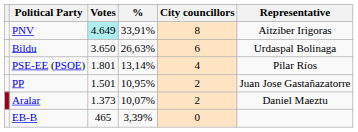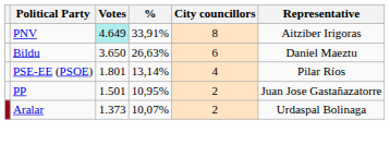 <table class="wikitable">
 <tr ---->
 <th></th>
 <th>Political Party</th>
 <th>Votes</th>
 <th>%</th>
 <th>City councillors</th>
 <th>Representative</th>
 </tr>
 <tr ---->
 <td></td>
 <td><a href='#'>PNV</a></td>
 <td align="center" style="background: paleturquoise;">4.649</td>
 <td align="center">33,91%</td>
 <td align="center" bgcolor="#FFE4C4">8</td>
 <td align="center">Aitziber Irigoras</td>
 </tr>
 <tr ---->
 <td></td>
 <td><a href='#'>Bildu</a></td>
 <td align="center">3.650</td>
 <td align="center">26,63%</td>
 <td align="center" bgcolor="#FFE4C4">6</td>
-<td align="center">Urdaspal Bolinaga</td>
+<td align="center">Daniel Maeztu</td>
 </tr>
 <tr ---->
 <td></td>
 <td><a href='#'>PSE-EE</a> (<a href='#'>PSOE</a>)</td>
 <td align="center">1.801</td>
 <td align="center">13,14%</td>
 <td align="center" bgcolor="#FFE4C4">4</td>
 <td align="center">Pilar Ríos</td>
 </tr>
 <tr ---->
 <td></td>
 <td><a href='#'>PP</a></td>
 <td align="center">1.501</td>
 <td align="center">10,95%</td>
 <td align="center" bgcolor="#FFE4C4">2</td>
 <td align="center">Juan Jose Gastañazatorre</td>
 </tr>
 <tr ---->
 <td bgcolor="#960018"></td>
 <td><a href='#'>Aralar</a></td>
 <td align="center">1.373</td>
 <td align="center">10,07%</td>
 <td align="center" bgcolor="#FFE4C4">2</td>
-<td align="center">Daniel Maeztu</td>
-</tr>
-<tr ---->
-<td></td>
-<td><a href='#'>EB-B</a></td>
-<td align="center">465</td>
-<td align="center">3,39%</td>
-<td align="center" bgcolor="#FFE4C4">0</td>
-<td align="center"></td>
+<td align="center">Urdaspal Bolinaga</td>
 </tr>
 </table>
